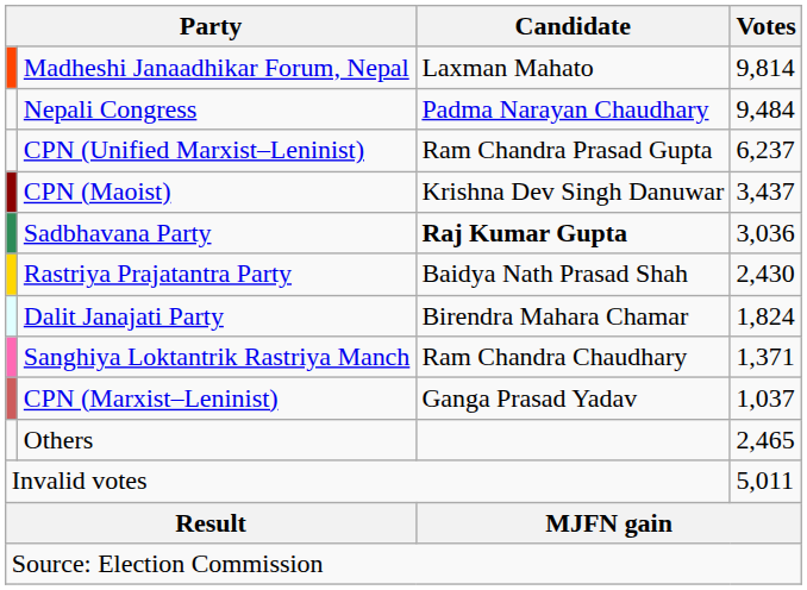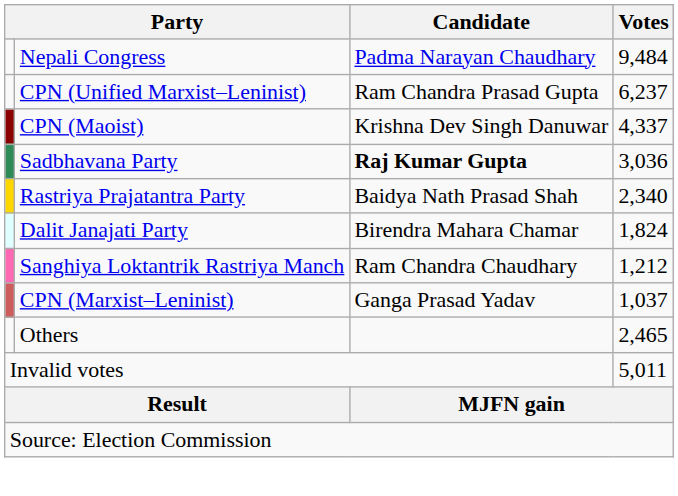 <table class="wikitable">
 <tr>
 <th colspan="2">Party</th>
 <th>Candidate</th>
 <th>Votes</th>
-</tr>
-<tr>
-<td style="background-color:orangered"></td>
-<td><a href='#'>Madheshi Janaadhikar Forum, Nepal</a></td>
-<td>Laxman Mahato</td>
-<td>9,814</td>
 </tr>
 <tr>
 <td style="background-color:"></td>
 <td><a href='#'>Nepali Congress</a></td>
 <td><a href='#'>Padma Narayan Chaudhary</a></td>
 <td>9,484</td>
 </tr>
 <tr>
 <td style="background-color:"></td>
 <td><a href='#'>CPN (Unified Marxist–Leninist)</a></td>
 <td>Ram Chandra Prasad Gupta</td>
 <td>6,237</td>
 </tr>
 <tr>
 <td style="background-color:darkred"></td>
 <td><a href='#'>CPN (Maoist)</a></td>
 <td>Krishna Dev Singh Danuwar</td>
-<td>3,437</td>
+<td>4,337</td>
 </tr>
 <tr>
 <td style="background-color:seagreen"></td>
 <td><a href='#'>Sadbhavana Party</a></td>
 <td><strong>Raj Kumar Gupta</strong></td>
 <td>3,036</td>
 </tr>
 <tr>
 <td style="background-color:gold"></td>
 <td><a href='#'>Rastriya Prajatantra Party</a></td>
 <td>Baidya Nath Prasad Shah</td>
-<td>2,430</td>
+<td>2,340</td>
 </tr>
 <tr>
 <td style="background-color:#e0ffff"></td>
 <td><a href='#'>Dalit Janajati Party</a></td>
 <td>Birendra Mahara Chamar</td>
 <td>1,824</td>
 </tr>
 <tr>
 <td style="background-color:hotpink"></td>
 <td><a href='#'>Sanghiya Loktantrik Rastriya Manch</a></td>
 <td>Ram Chandra Chaudhary</td>
-<td>1,371</td>
+<td>1,212</td>
 </tr>
 <tr>
 <td style="background-color:indianred"></td>
 <td><a href='#'>CPN (Marxist–Leninist)</a></td>
 <td>Ganga Prasad Yadav</td>
 <td>1,037</td>
 </tr>
 <tr>
 <td></td>
 <td>Others</td>
 <td></td>
 <td>2,465</td>
 </tr>
 <tr>
 <td colspan="3">Invalid votes</td>
 <td>5,011</td>
 </tr>
 <tr>
 <th colspan="2">Result</th>
 <th colspan="2">MJFN gain</th>
 </tr>
 <tr>
 <td colspan="4">Source: Election Commission</td>
 </tr>
 </table>
